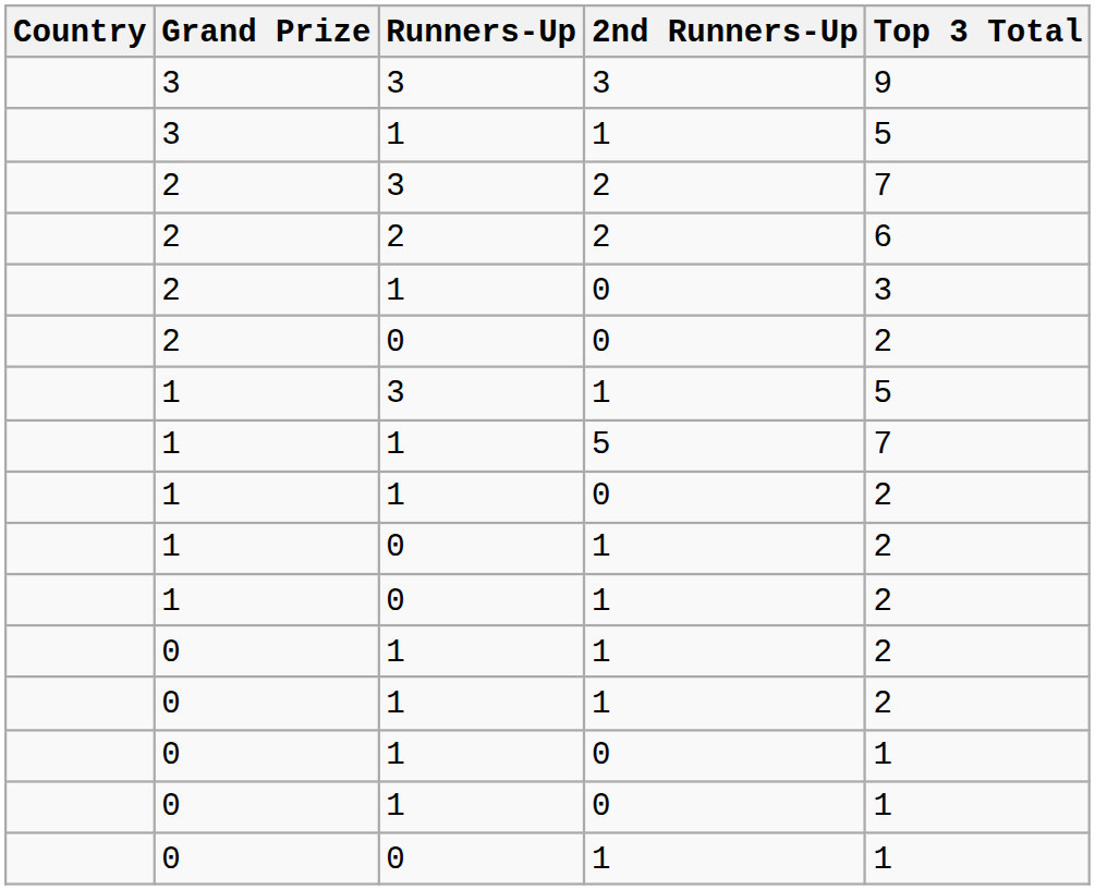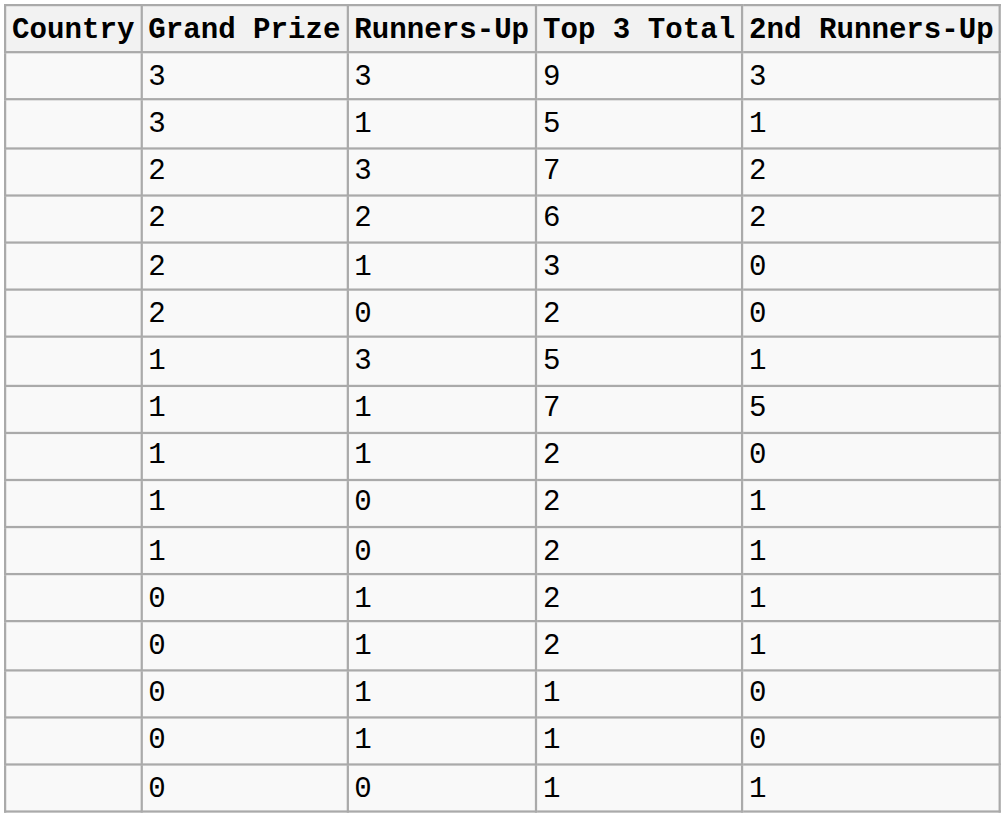 <table class="wikitable sortable">
 <tr>
 <th>Country</th>
 <th>Grand Prize</th>
 <th>Runners-Up</th>
+<th>Top 3 Total</th>
 <th>2nd Runners-Up</th>
-<th>Top 3 Total</th>
 </tr>
 <tr>
 <td></td>
 <td>3</td>
 <td>3</td>
+<td>9</td>
 <td>3</td>
-<td>9</td>
 </tr>
 <tr>
 <td></td>
 <td>3</td>
 <td>1</td>
+<td>5</td>
 <td>1</td>
-<td>5</td>
 </tr>
 <tr>
 <td></td>
 <td>2</td>
 <td>3</td>
+<td>7</td>
 <td>2</td>
-<td>7</td>
 </tr>
 <tr>
 <td></td>
 <td>2</td>
 <td>2</td>
+<td>6</td>
 <td>2</td>
-<td>6</td>
 </tr>
 <tr>
 <td></td>
 <td>2</td>
 <td>1</td>
+<td>3</td>
 <td>0</td>
-<td>3</td>
 </tr>
 <tr>
 <td></td>
 <td>2</td>
 <td>0</td>
+<td>2</td>
 <td>0</td>
-<td>2</td>
 </tr>
 <tr>
 <td></td>
 <td>1</td>
 <td>3</td>
+<td>5</td>
 <td>1</td>
+</tr>
+<tr>
+<td></td>
+<td>1</td>
+<td>1</td>
+<td>7</td>
 <td>5</td>
 </tr>
 <tr>
 <td></td>
 <td>1</td>
 <td>1</td>
-<td>5</td>
-<td>7</td>
-</tr>
-<tr>
-<td></td>
-<td>1</td>
-<td>1</td>
+<td>2</td>
 <td>0</td>
-<td>2</td>
 </tr>
 <tr>
 <td></td>
 <td>1</td>
 <td>0</td>
+<td>2</td>
 <td>1</td>
-<td>2</td>
 </tr>
 <tr>
 <td></td>
 <td>1</td>
 <td>0</td>
+<td>2</td>
+<td>1</td>
+</tr>
+<tr>
+<td></td>
+<td>0</td>
 <td>1</td>
 <td>2</td>
+<td>1</td>
+</tr>
+<tr>
+<td></td>
+<td>0</td>
+<td>1</td>
+<td>2</td>
+<td>1</td>
 </tr>
 <tr>
 <td></td>
 <td>0</td>
 <td>1</td>
 <td>1</td>
-<td>2</td>
+<td>0</td>
 </tr>
 <tr>
 <td></td>
 <td>0</td>
 <td>1</td>
 <td>1</td>
-<td>2</td>
-</tr>
-<tr>
-<td></td>
 <td>0</td>
-<td>1</td>
-<td>0</td>
-<td>1</td>
-</tr>
-<tr>
-<td></td>
-<td>0</td>
-<td>1</td>
-<td>0</td>
-<td>1</td>
 </tr>
 <tr>
 <td></td>
 <td>0</td>
 <td>0</td>
 <td>1</td>
 <td>1</td>
 </tr>
 </table>
